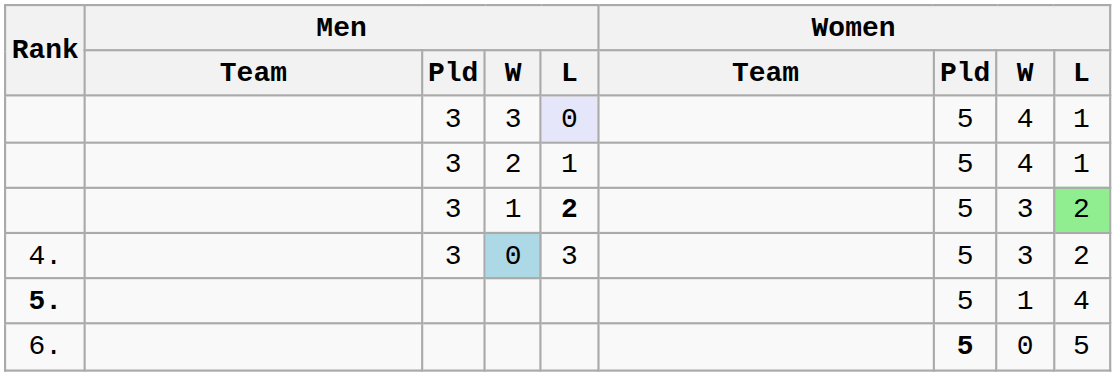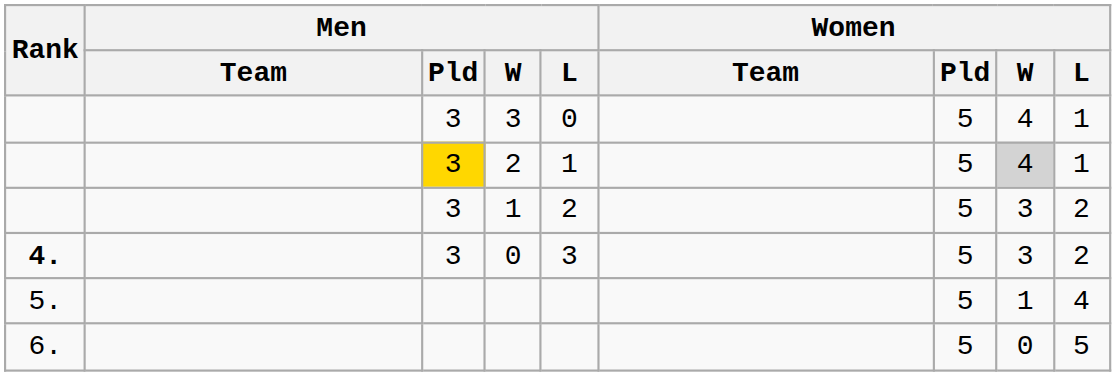 <table class=wikitable>
 <tr>
 <th rowspan=2>Rank</th>
 <th colspan=4>Men</th>
 <th colspan=4>Women</th>
 </tr>
 <tr>
 <th width=150px>Team</th>
 <th width=20px>Pld</th>
 <th width=20px>W</th>
 <th width=20px>L</th>
 <th width=150px>Team</th>
 <th width=20px>Pld</th>
 <th width=20px>W</th>
 <th width=20px>L</th>
 </tr>
 <tr align=center>
 <td></td>
 <td align=left></td>
 <td>3</td>
 <td>3</td>
-<td style="background: lavender;">0</td>
+<td>0</td>
 <td align=left></td>
 <td>5</td>
 <td>4</td>
 <td>1</td>
 </tr>
 <tr align=center>
 <td></td>
 <td align=left></td>
-<td>3</td>
+<td style="background: gold;">3</td>
 <td>2</td>
 <td>1</td>
 <td align=left></td>
 <td>5</td>
-<td>4</td>
+<td style="background: lightgrey;">4</td>
 <td>1</td>
 </tr>
 <tr align=center>
 <td></td>
 <td align=left></td>
 <td>3</td>
 <td>1</td>
-<td><strong>2</strong></td>
+<td>2</td>
 <td align=left></td>
 <td>5</td>
 <td>3</td>
-<td style="background: lightgreen;">2</td>
+<td>2</td>
 </tr>
 <tr align=center>
-<td>4.</td>
+<td><strong>4.</strong></td>
 <td align=left></td>
 <td>3</td>
-<td style="background: lightblue;">0</td>
+<td>0</td>
 <td>3</td>
 <td align=left></td>
 <td>5</td>
 <td>3</td>
 <td>2</td>
 </tr>
 <tr align=center>
-<td><strong>5.</strong></td>
+<td>5.</td>
 <td></td>
 <td></td>
 <td></td>
 <td></td>
 <td align=left></td>
 <td>5</td>
 <td>1</td>
 <td>4</td>
 </tr>
 <tr align=center>
 <td>6.</td>
 <td></td>
 <td></td>
 <td></td>
 <td></td>
 <td align=left></td>
-<td><strong>5</strong></td>
+<td>5</td>
 <td>0</td>
 <td>5</td>
 </tr>
 </table>
